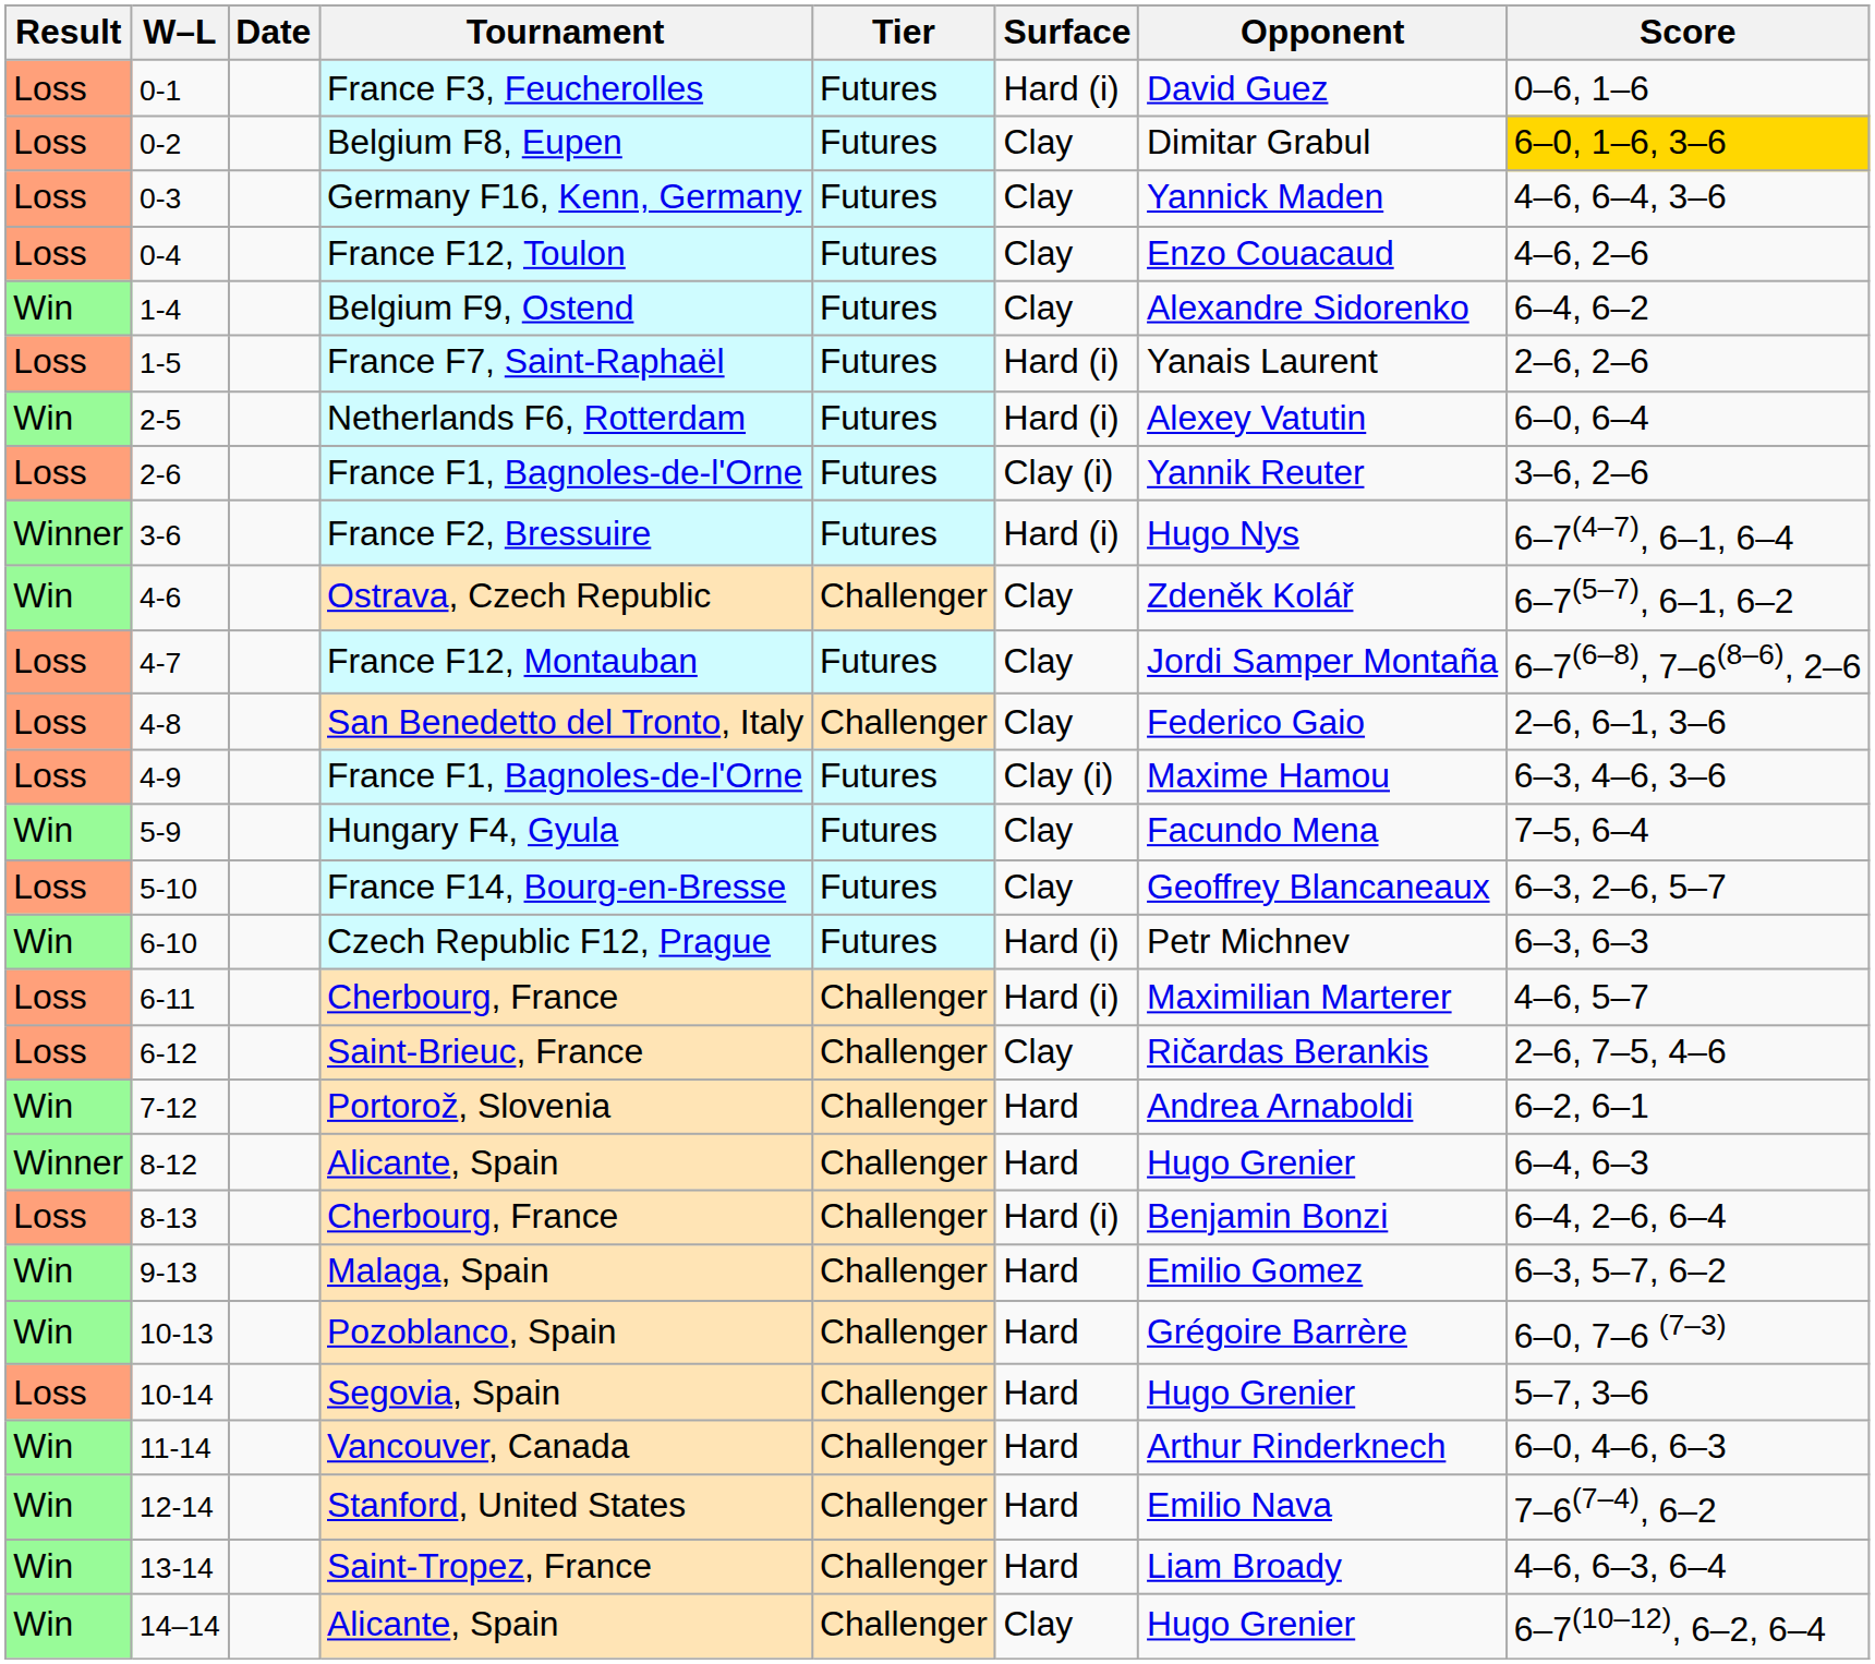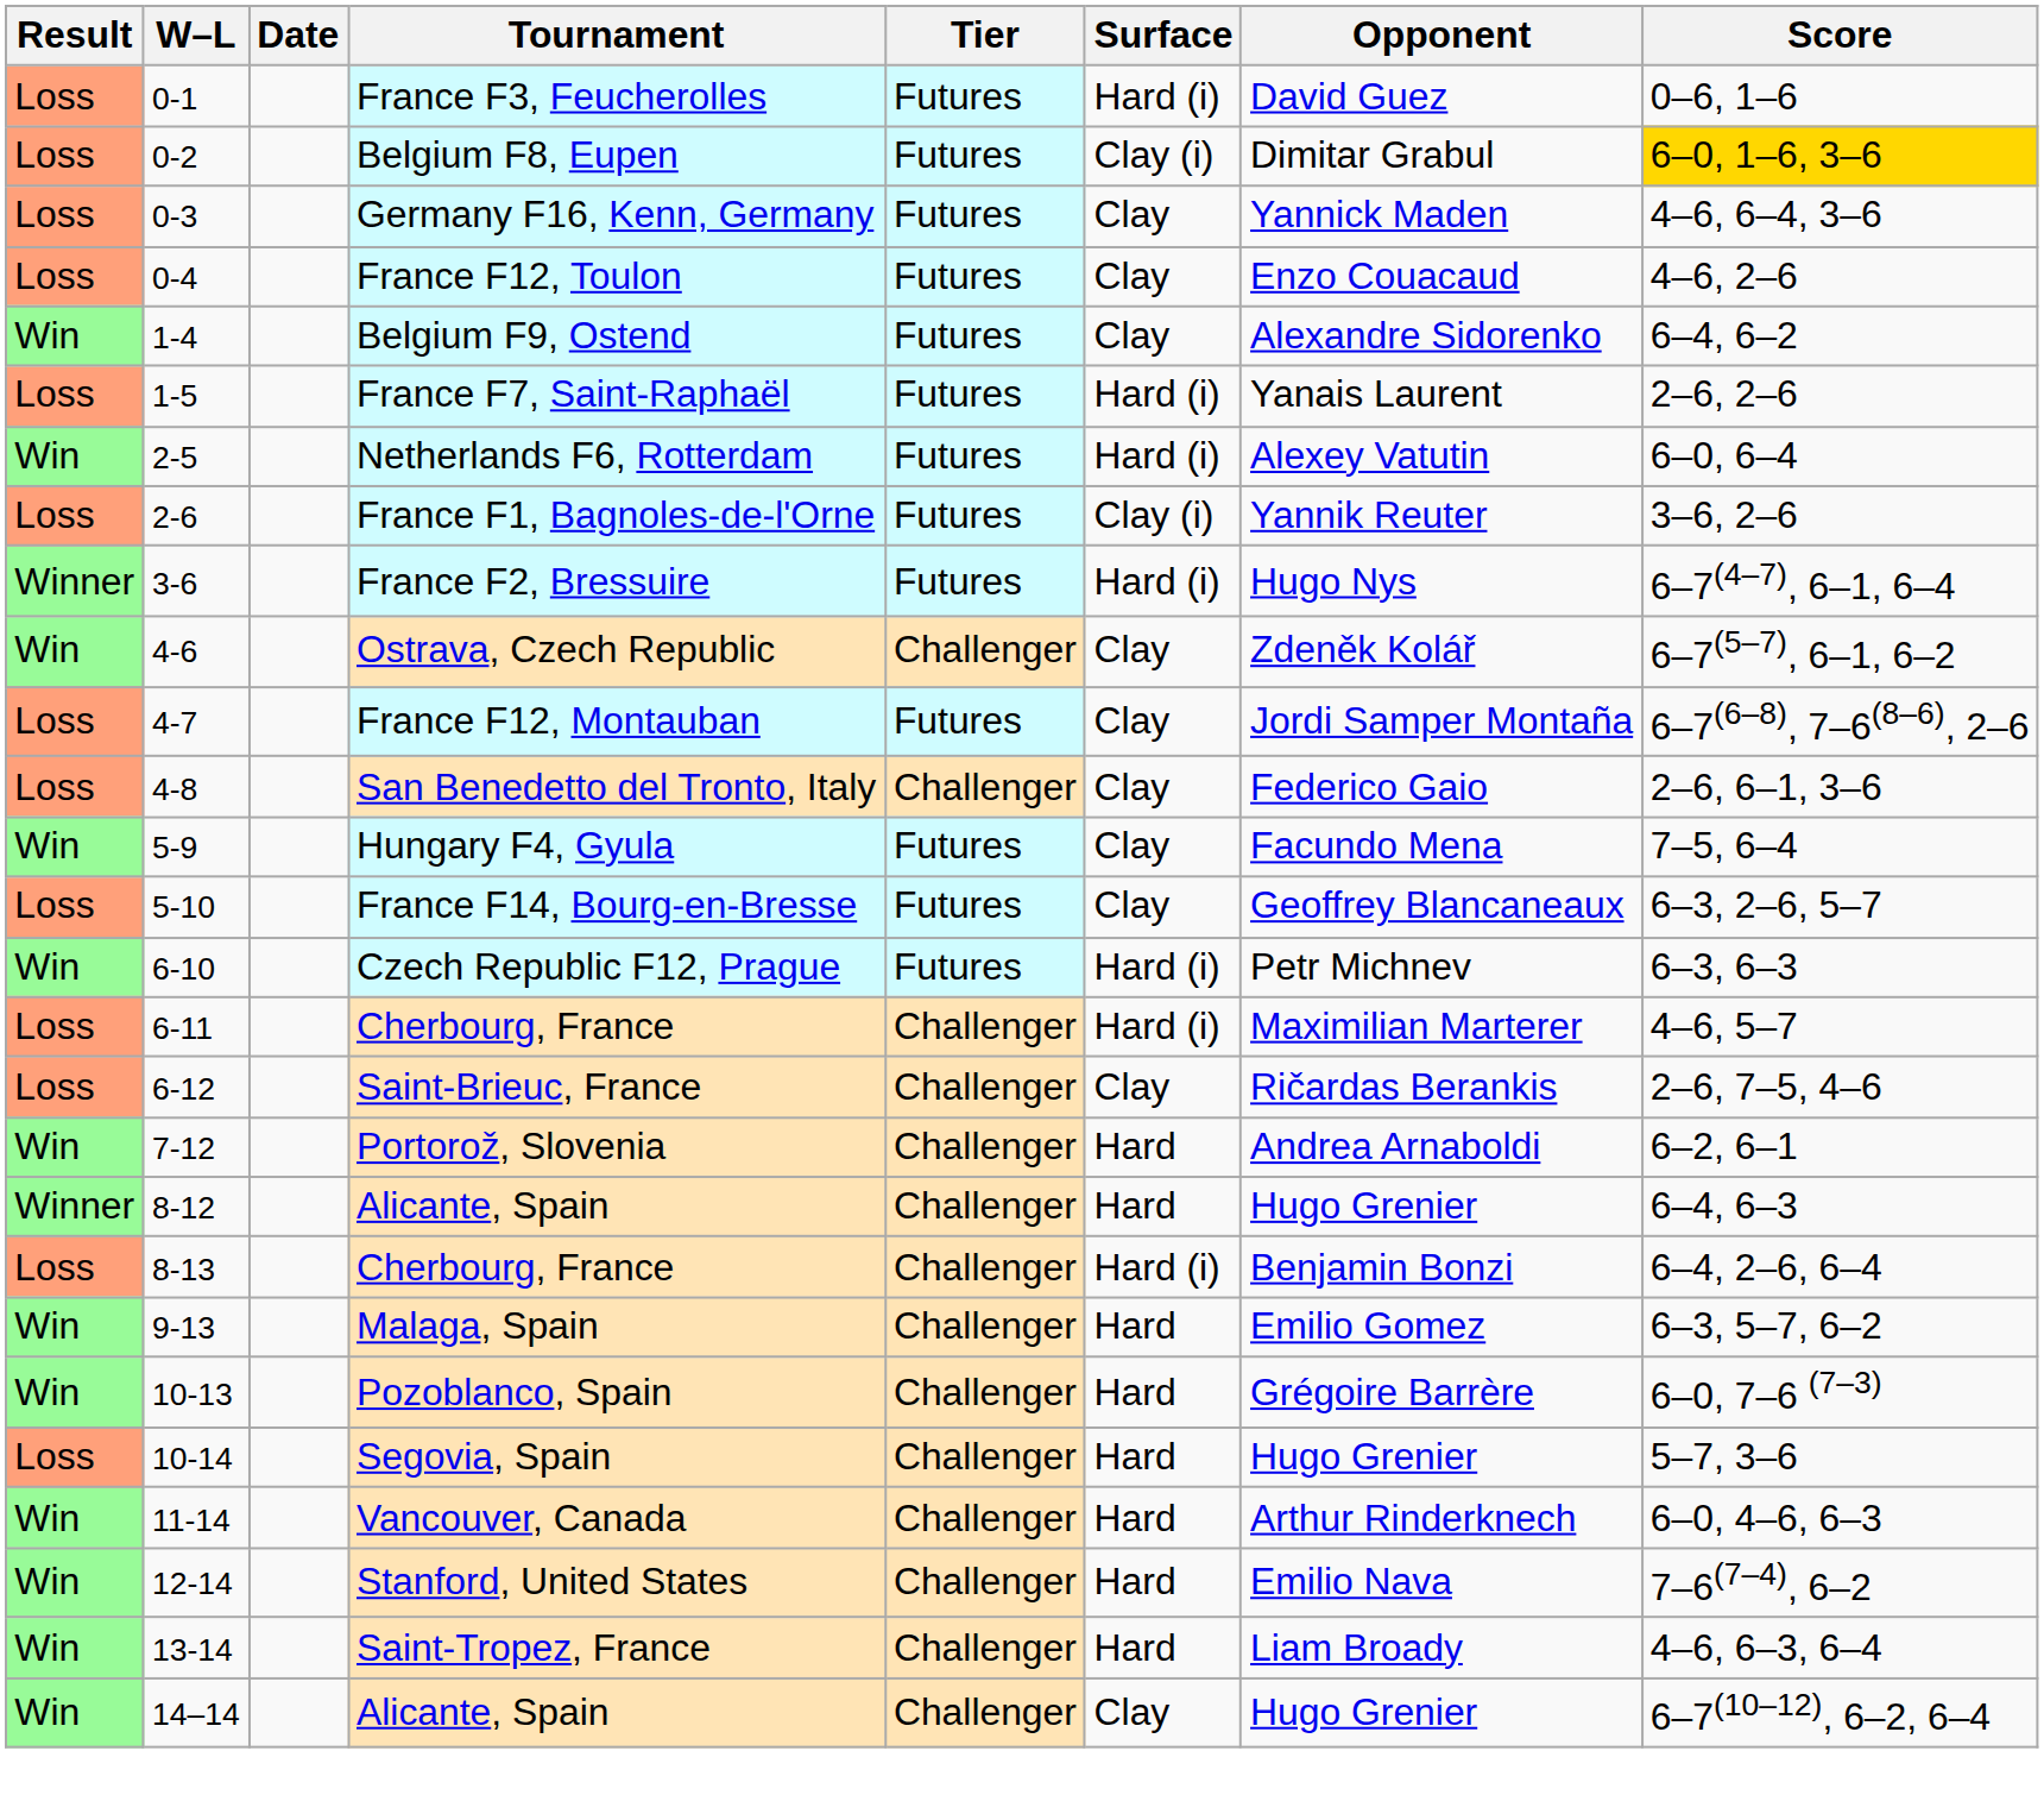 <table class="sortable wikitable">
 <tr>
 <th>Result</th>
 <th class="unsortable">W–L</th>
 <th>Date</th>
 <th>Tournament</th>
 <th>Tier</th>
 <th>Surface</th>
 <th>Opponent</th>
 <th class="unsortable">Score</th>
 </tr>
 <tr>
 <td bgcolor=FFA07A>Loss</td>
 <td><small>0-1</small></td>
 <td></td>
 <td style="background:#cffcff;">France F3, <a href='#'>Feucherolles</a></td>
 <td style="background:#cffcff;">Futures</td>
 <td>Hard (i)</td>
 <td> <a href='#'>David Guez</a></td>
 <td>0–6, 1–6</td>
 </tr>
 <tr>
 <td bgcolor=FFA07A>Loss</td>
 <td><small>0-2</small></td>
 <td></td>
 <td style="background:#cffcff;">Belgium F8, <a href='#'>Eupen</a></td>
 <td style="background:#cffcff;">Futures</td>
-<td>Clay</td>
+<td>Clay (i)</td>
 <td> Dimitar Grabul</td>
 <td style="background: gold;">6–0, 1–6, 3–6</td>
 </tr>
 <tr>
 <td bgcolor=FFAO7A>Loss</td>
 <td><small>0-3</small></td>
 <td></td>
 <td style="background:#cffcff;">Germany F16, <a href='#'>Kenn, Germany</a></td>
 <td style="background:#cffcff;">Futures</td>
 <td>Clay</td>
 <td> <a href='#'>Yannick Maden</a></td>
 <td>4–6, 6–4, 3–6</td>
 </tr>
 <tr>
 <td bgcolor=FFA07A>Loss</td>
 <td><small>0-4</small></td>
 <td></td>
 <td style="background:#cffcff;">France F12, <a href='#'>Toulon</a></td>
 <td style="background:#cffcff;">Futures</td>
 <td>Clay</td>
 <td> <a href='#'>Enzo Couacaud</a></td>
 <td>4–6, 2–6</td>
 </tr>
 <tr>
 <td bgcolor=98FB98>Win</td>
 <td><small>1-4</small></td>
 <td></td>
 <td style="background:#cffcff;">Belgium F9, <a href='#'>Ostend</a></td>
 <td style="background:#cffcff;">Futures</td>
 <td>Clay</td>
 <td> <a href='#'>Alexandre Sidorenko</a></td>
 <td>6–4, 6–2</td>
 </tr>
 <tr>
 <td bgcolor=FFA07A>Loss</td>
 <td><small>1-5</small></td>
 <td></td>
 <td style="background:#cffcff;">France F7, <a href='#'>Saint-Raphaël</a></td>
 <td style="background:#cffcff;">Futures</td>
 <td>Hard (i)</td>
 <td> Yanais Laurent</td>
 <td>2–6, 2–6</td>
 </tr>
 <tr>
 <td bgcolor=98FB98>Win</td>
 <td><small>2-5</small></td>
 <td></td>
 <td style="background:#cffcff;">Netherlands F6, <a href='#'>Rotterdam</a></td>
 <td style="background:#cffcff;">Futures</td>
 <td>Hard (i)</td>
 <td> <a href='#'>Alexey Vatutin</a></td>
 <td>6–0, 6–4</td>
 </tr>
 <tr>
 <td bgcolor=FFA07A>Loss</td>
 <td><small>2-6</small></td>
 <td></td>
 <td style="background:#cffcff;">France F1, <a href='#'>Bagnoles-de-l'Orne</a></td>
 <td style="background:#cffcff;">Futures</td>
 <td>Clay (i)</td>
 <td> <a href='#'>Yannik Reuter</a></td>
 <td>3–6, 2–6</td>
 </tr>
 <tr>
 <td bgcolor=98FB98>Winner</td>
 <td><small>3-6</small></td>
 <td></td>
 <td style="background:#cffcff;">France F2, <a href='#'>Bressuire</a></td>
 <td style="background:#cffcff;">Futures</td>
 <td>Hard (i)</td>
 <td> <a href='#'>Hugo Nys</a></td>
 <td>6–7<sup>(4–7)</sup>, 6–1, 6–4</td>
 </tr>
 <tr>
 <td bgcolor=98FB98>Win</td>
 <td><small>4-6</small></td>
 <td><a href='#'></a></td>
 <td style="background:moccasin;"><a href='#'>Ostrava</a>, Czech Republic</td>
 <td style="background:moccasin;">Challenger</td>
 <td>Clay</td>
 <td> <a href='#'>Zdeněk Kolář</a></td>
 <td>6–7<sup>(5–7)</sup>, 6–1, 6–2</td>
 </tr>
 <tr>
 <td bgcolor=FFA07A>Loss</td>
 <td><small>4-7</small></td>
 <td></td>
 <td style="background:#cffcff;">France F12, <a href='#'>Montauban</a></td>
 <td style="background:#cffcff;">Futures</td>
 <td>Clay</td>
 <td> <a href='#'>Jordi Samper Montaña</a></td>
 <td>6–7<sup>(6–8)</sup>, 7–6<sup>(8–6)</sup>, 2–6</td>
 </tr>
 <tr>
 <td bgcolor=FFA07A>Loss</td>
 <td><small>4-8</small></td>
 <td><a href='#'></a></td>
 <td style="background:moccasin;"><a href='#'>San Benedetto del Tronto</a>, Italy</td>
 <td style="background:moccasin;">Challenger</td>
 <td>Clay</td>
 <td> <a href='#'>Federico Gaio</a></td>
 <td>2–6, 6–1, 3–6</td>
-</tr>
-<tr>
-<td bgcolor=FFA07A>Loss</td>
-<td><small>4-9</small></td>
-<td></td>
-<td style="background:#cffcff;">France F1, <a href='#'>Bagnoles-de-l'Orne</a></td>
-<td style="background:#cffcff;">Futures</td>
-<td>Clay (i)</td>
-<td> <a href='#'>Maxime Hamou</a></td>
-<td>6–3, 4–6, 3–6</td>
 </tr>
 <tr>
 <td bgcolor=98FB98>Win</td>
 <td><small>5-9</small></td>
 <td></td>
 <td style="background:#cffcff;">Hungary F4, <a href='#'>Gyula</a></td>
 <td style="background:#cffcff;">Futures</td>
 <td>Clay</td>
 <td> <a href='#'>Facundo Mena</a></td>
 <td>7–5, 6–4</td>
 </tr>
 <tr>
 <td bgcolor=FFA07A>Loss</td>
 <td><small>5-10</small></td>
 <td></td>
 <td style="background:#cffcff;">France F14, <a href='#'>Bourg-en-Bresse</a></td>
 <td style="background:#cffcff;">Futures</td>
 <td>Clay</td>
 <td> <a href='#'>Geoffrey Blancaneaux</a></td>
 <td>6–3, 2–6, 5–7</td>
 </tr>
 <tr>
 <td bgcolor=98FB98>Win</td>
 <td><small>6-10</small></td>
 <td></td>
 <td style="background:#cffcff;">Czech Republic F12, <a href='#'>Prague</a></td>
 <td style="background:#cffcff;">Futures</td>
 <td>Hard (i)</td>
 <td> Petr Michnev</td>
 <td>6–3, 6–3</td>
 </tr>
 <tr>
 <td bgcolor=FFA07A>Loss</td>
 <td><small>6-11</small></td>
 <td><a href='#'></a></td>
 <td style="background:moccasin;"><a href='#'>Cherbourg</a>, France</td>
 <td style="background:moccasin;">Challenger</td>
 <td>Hard (i)</td>
 <td> <a href='#'>Maximilian Marterer</a></td>
 <td>4–6, 5–7</td>
 </tr>
 <tr>
 <td bgcolor=FFA07A>Loss</td>
 <td><small>6-12</small></td>
 <td><a href='#'></a></td>
 <td style="background:moccasin;"><a href='#'>Saint-Brieuc</a>, France</td>
 <td style="background:moccasin;">Challenger</td>
 <td>Clay</td>
 <td> <a href='#'>Ričardas Berankis</a></td>
 <td>2–6, 7–5, 4–6</td>
 </tr>
 <tr>
 <td bgcolor=98FB98>Win</td>
 <td><small>7-12</small></td>
 <td><a href='#'></a></td>
 <td style="background:moccasin;"><a href='#'>Portorož</a>, Slovenia</td>
 <td style="background:moccasin;">Challenger</td>
 <td>Hard</td>
 <td> <a href='#'>Andrea Arnaboldi</a></td>
 <td>6–2, 6–1</td>
 </tr>
 <tr>
 <td bgcolor=98FB98>Winner</td>
 <td><small>8-12</small></td>
 <td><a href='#'></a></td>
 <td style="background:moccasin;"><a href='#'>Alicante</a>, Spain</td>
 <td style="background:moccasin;">Challenger</td>
 <td>Hard</td>
 <td> <a href='#'>Hugo Grenier</a></td>
 <td>6–4, 6–3</td>
 </tr>
 <tr>
 <td bgcolor=FFA07A>Loss</td>
 <td><small>8-13</small></td>
 <td><a href='#'></a></td>
 <td style="background:moccasin;"><a href='#'>Cherbourg</a>, France</td>
 <td style="background:moccasin;">Challenger</td>
 <td>Hard (i)</td>
 <td> <a href='#'>Benjamin Bonzi</a></td>
 <td>6–4, 2–6, 6–4</td>
 </tr>
 <tr>
 <td bgcolor=98FB98>Win</td>
 <td><small>9-13</small></td>
 <td><a href='#'></a></td>
 <td style="background:moccasin;"><a href='#'>Malaga</a>, Spain</td>
 <td style="background:moccasin;">Challenger</td>
 <td>Hard</td>
 <td> <a href='#'>Emilio Gomez</a></td>
 <td>6–3, 5–7, 6–2</td>
 </tr>
 <tr>
 <td bgcolor=98FB98>Win</td>
 <td><small>10-13</small></td>
 <td><a href='#'></a></td>
 <td style="background:moccasin;"><a href='#'>Pozoblanco</a>, Spain</td>
 <td style="background:moccasin;">Challenger</td>
 <td>Hard</td>
 <td> <a href='#'>Grégoire Barrère</a></td>
 <td>6–0, 7–6 <sup>(7–3)</sup></td>
 </tr>
 <tr>
 <td bgcolor=FFA07A>Loss</td>
 <td><small>10-14</small></td>
 <td><a href='#'></a></td>
 <td style="background:moccasin;"><a href='#'>Segovia</a>, Spain</td>
 <td style="background:moccasin;">Challenger</td>
 <td>Hard</td>
 <td> <a href='#'>Hugo Grenier</a></td>
 <td>5–7, 3–6</td>
 </tr>
 <tr>
 <td bgcolor=98FB98>Win</td>
 <td><small>11-14</small></td>
 <td><a href='#'></a></td>
 <td style="background:moccasin;"><a href='#'>Vancouver</a>, Canada</td>
 <td style="background:moccasin;">Challenger</td>
 <td>Hard</td>
 <td> <a href='#'>Arthur Rinderknech</a></td>
 <td>6–0, 4–6, 6–3</td>
 </tr>
 <tr>
 <td bgcolor=98FB98>Win</td>
 <td><small>12-14</small></td>
 <td><a href='#'></a></td>
 <td style="background:moccasin;"><a href='#'>Stanford</a>, United States</td>
 <td style="background:moccasin;">Challenger</td>
 <td>Hard</td>
 <td> <a href='#'>Emilio Nava</a></td>
 <td>7–6<sup>(7–4)</sup>, 6–2</td>
 </tr>
 <tr>
 <td bgcolor=98FB98>Win</td>
 <td><small>13-14</small></td>
 <td><a href='#'></a></td>
 <td style="background:moccasin;"><a href='#'>Saint-Tropez</a>, France</td>
 <td style="background:moccasin;">Challenger</td>
 <td>Hard</td>
 <td> <a href='#'>Liam Broady</a></td>
 <td>4–6, 6–3, 6–4</td>
 </tr>
 <tr>
 <td bgcolor=98FB98>Win</td>
 <td><small>14–14</small></td>
 <td><a href='#'></a></td>
 <td bgcolor=moccasin><a href='#'>Alicante</a>, Spain</td>
 <td bgcolor=moccasin>Challenger</td>
 <td>Clay</td>
 <td> <a href='#'>Hugo Grenier</a></td>
 <td>6–7<sup>(10–12)</sup>, 6–2, 6–4</td>
 </tr>
 </table>
